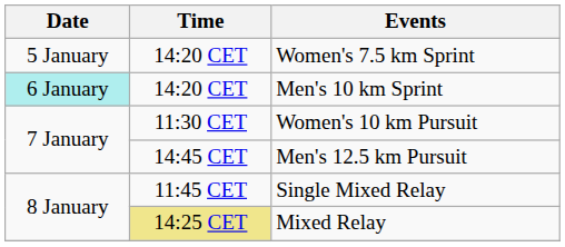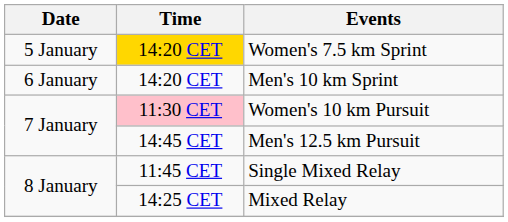 <table class="wikitable" style="text-align: center" width="420">
 <tr>
 <th>Date</th>
 <th>Time</th>
 <th>Events</th>
 </tr>
 <tr>
 <td>5 January</td>
-<td>14:20 <a href='#'>CET</a></td>
+<td style="background: gold;">14:20 <a href='#'>CET</a></td>
 <td style="text-align: left">Women's 7.5 km Sprint</td>
 </tr>
 <tr>
-<td style="background: paleturquoise;">6 January</td>
+<td>6 January</td>
 <td>14:20 <a href='#'>CET</a></td>
 <td style="text-align: left">Men's 10 km Sprint</td>
 </tr>
 <tr>
 <td rowspan=2>7 January</td>
-<td>11:30 <a href='#'>CET</a></td>
+<td style="background: pink;">11:30 <a href='#'>CET</a></td>
 <td style="text-align: left">Women's 10 km Pursuit</td>
 </tr>
 <tr>
 <td>14:45 <a href='#'>CET</a></td>
 <td style="text-align: left">Men's 12.5 km Pursuit</td>
 </tr>
 <tr>
 <td rowspan=2>8 January</td>
 <td>11:45 <a href='#'>CET</a></td>
 <td style="text-align: left">Single Mixed Relay</td>
 </tr>
 <tr>
-<td style="background: khaki;">14:25 <a href='#'>CET</a></td>
+<td>14:25 <a href='#'>CET</a></td>
 <td style="text-align: left">Mixed Relay</td>
 </tr>
 <tr>
 </tr>
 </table>
